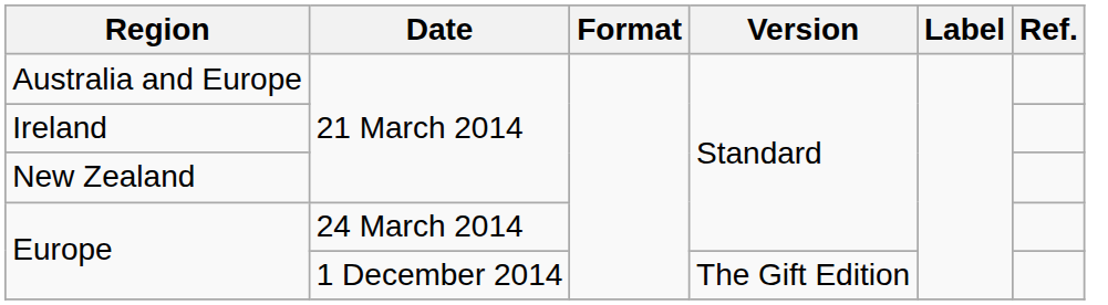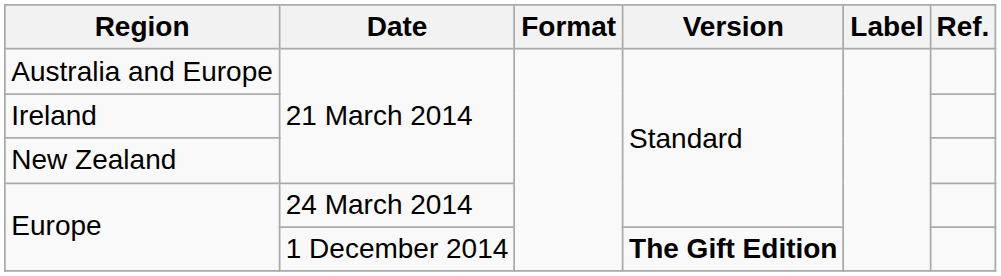 <table class="wikitable">
 <tr>
 <th>Region</th>
 <th>Date</th>
 <th>Format</th>
 <th>Version</th>
 <th>Label</th>
 <th>Ref.</th>
 </tr>
 <tr>
 <td>Australia and Europe</td>
 <td rowspan="3">21 March 2014</td>
 <td rowspan="5"></td>
 <td rowspan="4">Standard</td>
 <td rowspan="5"></td>
 <td></td>
 </tr>
 <tr>
 <td>Ireland</td>
 <td></td>
 </tr>
 <tr>
 <td>New Zealand</td>
 <td></td>
 </tr>
 <tr>
 <td rowspan="2">Europe</td>
 <td>24 March 2014</td>
 <td></td>
 </tr>
 <tr>
 <td>1 December 2014</td>
-<td>The Gift Edition</td>
+<td><strong>The Gift Edition</strong></td>
 <td></td>
 </tr>
 </table>
